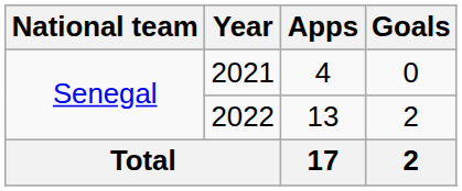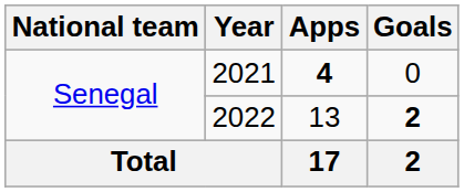 <table class=wikitable style=text-align:center>
 <tr>
 <th>National team</th>
 <th>Year</th>
 <th>Apps</th>
 <th>Goals</th>
 </tr>
 <tr>
 <td rowspan="2"><a href='#'>Senegal</a></td>
 <td>2021</td>
-<td>4</td>
+<td><strong>4</strong></td>
 <td>0</td>
 </tr>
 <tr>
 <td>2022</td>
 <td>13</td>
-<td>2</td>
+<td><strong>2</strong></td>
 </tr>
 <tr>
 <th colspan="2">Total</th>
 <th>17</th>
 <th>2</th>
 </tr>
 </table>
